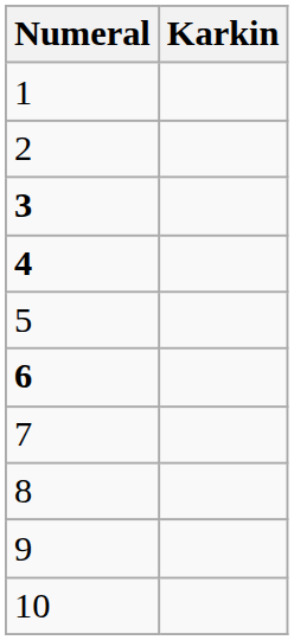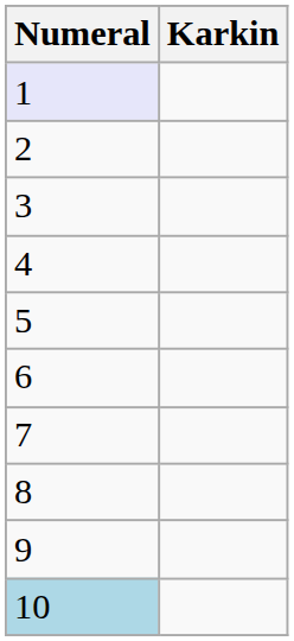 <table class="wikitable">
 <tr>
 <th>Numeral</th>
 <th>Karkin</th>
 </tr>
 <tr>
-<td>1</td>
+<td style="background: lavender;">1</td>
 <td></td>
 </tr>
 <tr>
 <td>2</td>
 <td></td>
 </tr>
 <tr>
-<td><strong>3</strong></td>
+<td>3</td>
 <td></td>
 </tr>
 <tr>
-<td><strong>4</strong></td>
+<td>4</td>
 <td></td>
 </tr>
 <tr>
 <td>5</td>
 <td></td>
 </tr>
 <tr>
-<td><strong>6</strong></td>
+<td>6</td>
 <td></td>
 </tr>
 <tr>
 <td>7</td>
 <td></td>
 </tr>
 <tr>
 <td>8</td>
 <td></td>
 </tr>
 <tr>
 <td>9</td>
 <td></td>
 </tr>
 <tr>
-<td>10</td>
+<td style="background: lightblue;">10</td>
 <td></td>
 </tr>
 </table>
